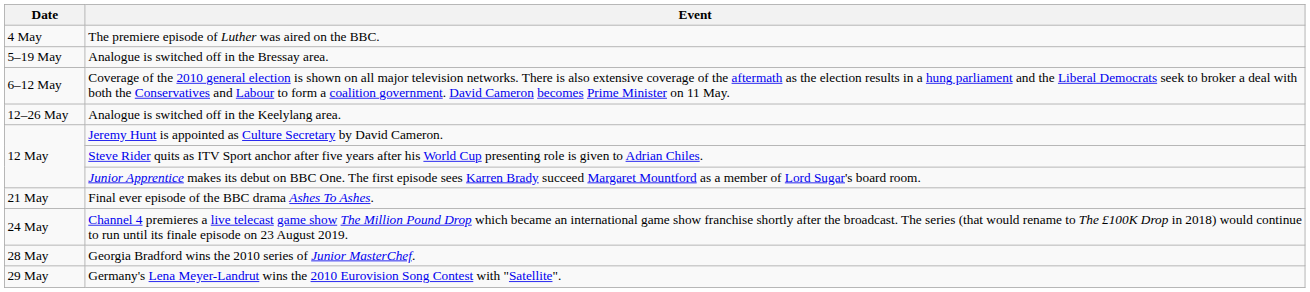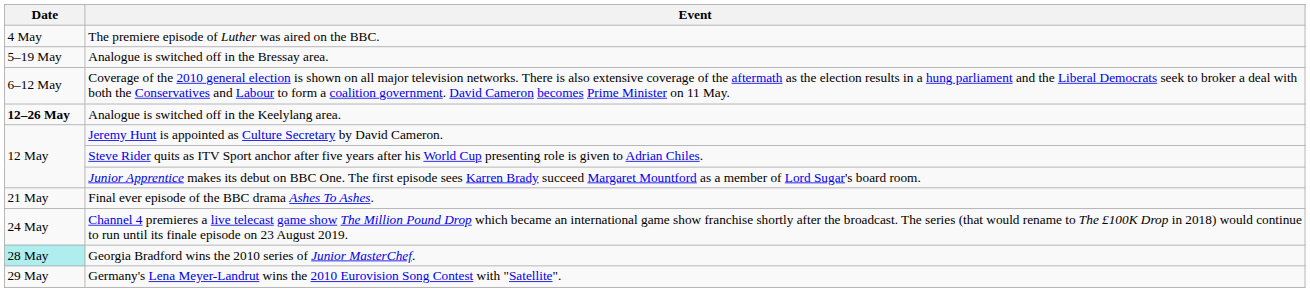 <table class="wikitable">
 <tr>
 <th width=90>Date</th>
 <th>Event</th>
 </tr>
 <tr>
 <td>4 May</td>
 <td>The premiere episode of <em>Luther</em> was aired on the BBC.</td>
 </tr>
 <tr>
 <td>5–19 May</td>
 <td>Analogue is switched off in the Bressay area.</td>
 </tr>
 <tr>
 <td>6–12 May</td>
 <td>Coverage of the <a href='#'>2010 general election</a> is shown on all major television networks. There is also extensive coverage of the <a href='#'>aftermath</a> as the election results in a <a href='#'>hung parliament</a> and the <a href='#'>Liberal Democrats</a> seek to broker a deal with both the <a href='#'>Conservatives</a> and <a href='#'>Labour</a> to form a <a href='#'>coalition government</a>. <a href='#'>David Cameron</a> <a href='#'>becomes</a> <a href='#'>Prime Minister</a> on 11 May.</td>
 </tr>
 <tr>
-<td>12–26 May</td>
+<td><strong>12–26 May</strong></td>
 <td>Analogue is switched off in the Keelylang area.</td>
 </tr>
 <tr>
 <td rowspan=3>12 May</td>
 <td><a href='#'>Jeremy Hunt</a> is appointed as <a href='#'>Culture Secretary</a> by David Cameron.</td>
 </tr>
 <tr>
 <td><a href='#'>Steve Rider</a> quits as ITV Sport anchor after five years after his <a href='#'>World Cup</a> presenting role is given to <a href='#'>Adrian Chiles</a>.</td>
 </tr>
 <tr>
 <td><em><a href='#'>Junior Apprentice</a></em> makes its debut on BBC One. The first episode sees <a href='#'>Karren Brady</a> succeed <a href='#'>Margaret Mountford</a> as a member of <a href='#'>Lord Sugar</a>'s board room.</td>
 </tr>
 <tr>
 <td>21 May</td>
 <td>Final ever episode of the BBC drama <em><a href='#'>Ashes To Ashes</a></em>.</td>
 </tr>
 <tr>
 <td>24 May</td>
 <td><a href='#'>Channel 4</a> premieres a <a href='#'>live telecast</a> <a href='#'>game show</a> <em><a href='#'>The Million Pound Drop</a></em> which became an international game show franchise shortly after the broadcast. The series (that would rename to <em>The £100K Drop</em> in 2018) would continue to run until its finale episode on 23 August 2019.</td>
 </tr>
 <tr>
-<td>28 May</td>
+<td style="background: paleturquoise;">28 May</td>
 <td>Georgia Bradford wins the 2010 series of <em><a href='#'>Junior MasterChef</a></em>.</td>
 </tr>
 <tr>
 <td>29 May</td>
 <td>Germany's <a href='#'>Lena Meyer-Landrut</a> wins the <a href='#'>2010 Eurovision Song Contest</a> with "<a href='#'>Satellite</a>".</td>
 </tr>
 </table>
